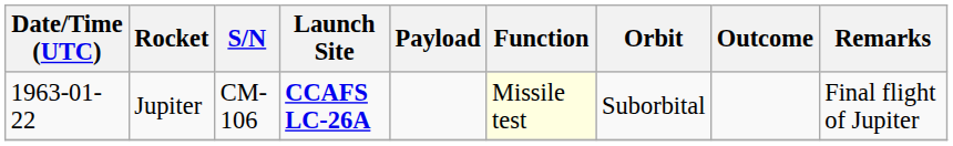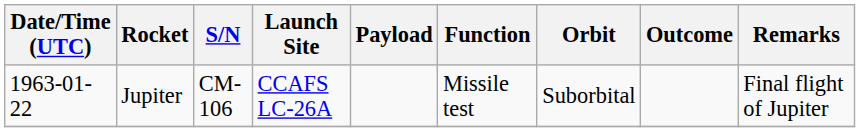 <table class="wikitable" style="margin: 1em 1em 1em 0">
 <tr>
 <th>Date/Time<br>(<a href='#'>UTC</a>)</th>
 <th>Rocket</th>
 <th><a href='#'>S/N</a></th>
 <th>Launch Site</th>
 <th>Payload</th>
 <th>Function</th>
 <th>Orbit</th>
 <th>Outcome</th>
 <th>Remarks</th>
 </tr>
 <tr>
 <td>1963-01-22</td>
 <td>Jupiter</td>
 <td>CM-106</td>
-<td><strong><a href='#'>CCAFS</a> <a href='#'>LC-26A</a></strong></td>
+<td><a href='#'>CCAFS</a> <a href='#'>LC-26A</a></td>
 <td></td>
-<td style="background: lightyellow;">Missile test</td>
+<td>Missile test</td>
 <td>Suborbital</td>
 <td></td>
 <td>Final flight of Jupiter</td>
 </tr>
 <tr>
 </tr>
 </table>
